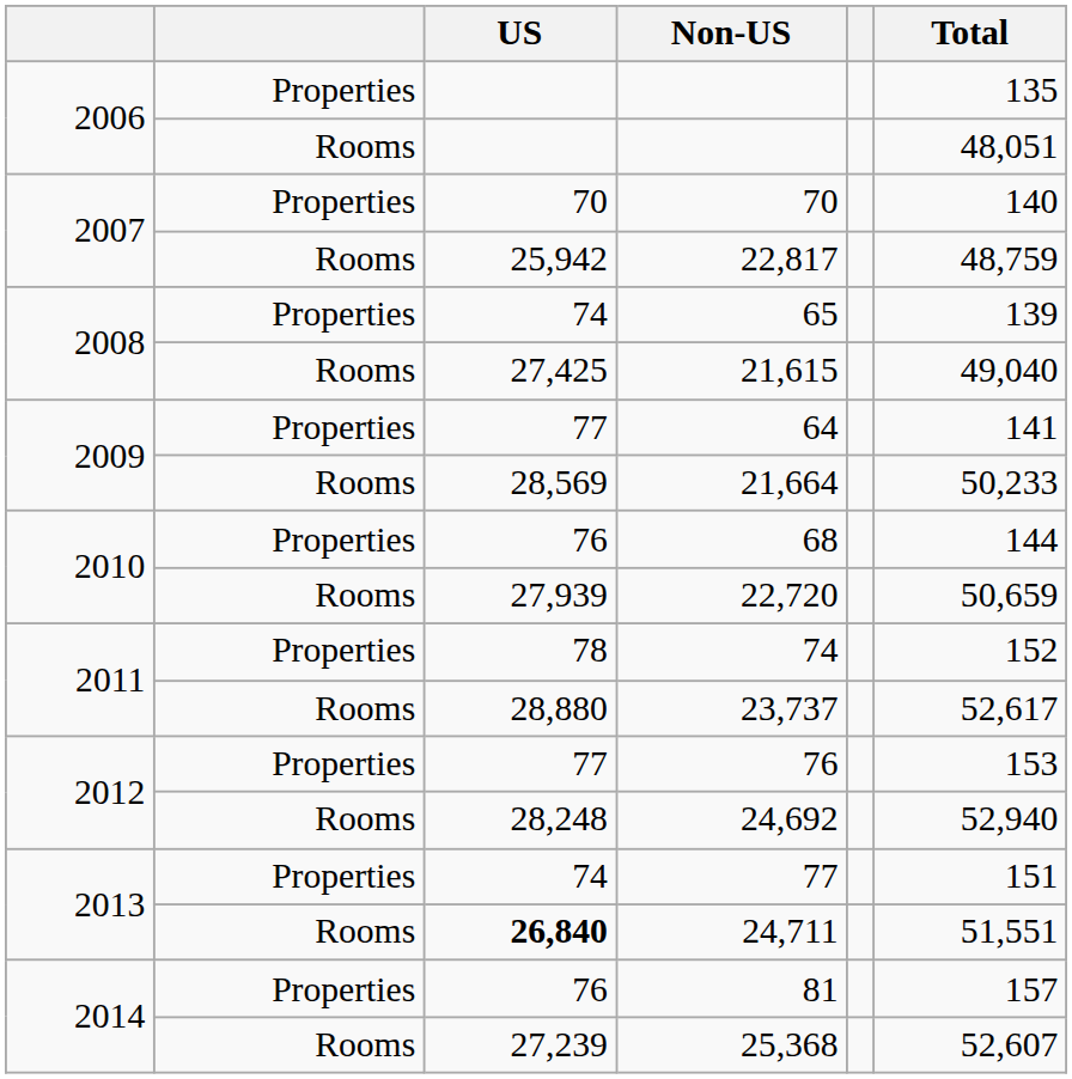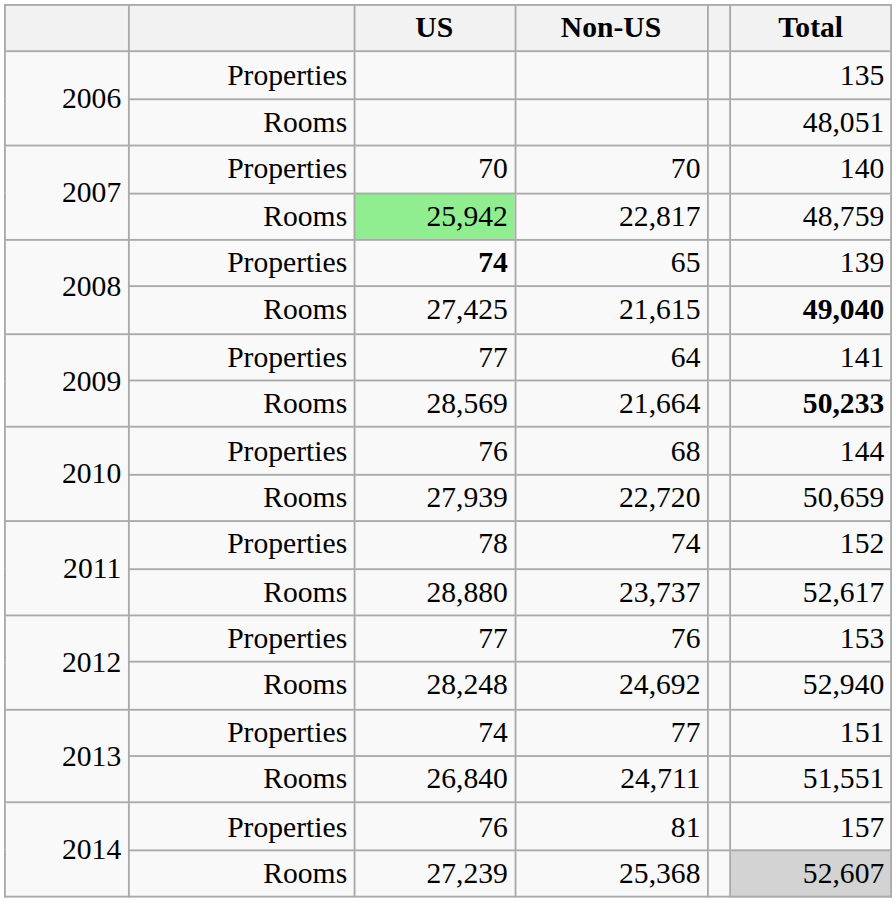 <table class="wikitable mw-collapsible mw-collapsed" style="min-width:30em; text-align:right;">
 <tr>
 <th class="unsortable"></th>
 <th></th>
 <th>US</th>
 <th>Non-US</th>
 <th></th>
 <th>Total</th>
 </tr>
 <tr>
 <td rowspan=2>2006</td>
 <td>Properties</td>
 <td></td>
 <td></td>
 <td></td>
 <td>135</td>
 </tr>
 <tr>
 <td>Rooms</td>
 <td></td>
 <td></td>
 <td></td>
 <td>48,051</td>
 </tr>
 <tr>
 <td rowspan=2>2007</td>
 <td>Properties</td>
 <td>70</td>
 <td>70</td>
 <td></td>
 <td>140</td>
 </tr>
 <tr>
 <td>Rooms</td>
-<td>25,942</td>
+<td style="background: lightgreen;">25,942</td>
 <td>22,817</td>
 <td></td>
 <td>48,759</td>
 </tr>
 <tr>
 <td rowspan=2>2008</td>
 <td>Properties</td>
-<td>74</td>
+<td><strong>74</strong></td>
 <td>65</td>
 <td></td>
 <td>139</td>
 </tr>
 <tr>
 <td>Rooms</td>
 <td>27,425</td>
 <td>21,615</td>
 <td></td>
-<td>49,040</td>
+<td><strong>49,040</strong></td>
 </tr>
 <tr>
 <td rowspan=2>2009</td>
 <td>Properties</td>
 <td>77</td>
 <td>64</td>
 <td></td>
 <td>141</td>
 </tr>
 <tr>
 <td>Rooms</td>
 <td>28,569</td>
 <td>21,664</td>
 <td></td>
-<td>50,233</td>
+<td><strong>50,233</strong></td>
 </tr>
 <tr>
 <td rowspan=2>2010</td>
 <td>Properties</td>
 <td>76</td>
 <td>68</td>
 <td></td>
 <td>144</td>
 </tr>
 <tr>
 <td>Rooms</td>
 <td>27,939</td>
 <td>22,720</td>
 <td></td>
 <td>50,659</td>
 </tr>
 <tr>
 <td rowspan=2>2011</td>
 <td>Properties</td>
 <td>78</td>
 <td>74</td>
 <td></td>
 <td>152</td>
 </tr>
 <tr>
 <td>Rooms</td>
 <td>28,880</td>
 <td>23,737</td>
 <td></td>
 <td>52,617</td>
 </tr>
 <tr>
 <td rowspan=2>2012</td>
 <td>Properties</td>
 <td>77</td>
 <td>76</td>
 <td></td>
 <td>153</td>
 </tr>
 <tr>
 <td>Rooms</td>
 <td>28,248</td>
 <td>24,692</td>
 <td></td>
 <td>52,940</td>
 </tr>
 <tr>
 <td rowspan=2>2013</td>
 <td>Properties</td>
 <td>74</td>
 <td>77</td>
 <td></td>
 <td>151</td>
 </tr>
 <tr>
 <td>Rooms</td>
-<td><strong>26,840</strong></td>
+<td>26,840</td>
 <td>24,711</td>
 <td></td>
 <td>51,551</td>
 </tr>
 <tr>
 <td rowspan=2>2014</td>
 <td>Properties</td>
 <td>76</td>
 <td>81</td>
 <td></td>
 <td>157</td>
 </tr>
 <tr>
 <td>Rooms</td>
 <td>27,239</td>
 <td>25,368</td>
 <td></td>
-<td>52,607</td>
+<td style="background: lightgrey;">52,607</td>
 </tr>
 </table>
